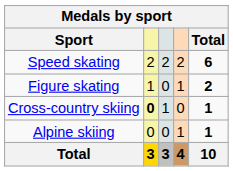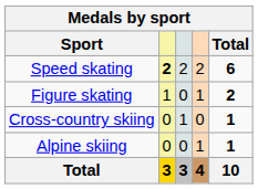 <table class=wikitable style=font-size:85%;float:right;text-align:center>
 <tr>
 <th colspan=5>Medals by sport</th>
 </tr>
 <tr>
 <th>Sport</th>
 <td bgcolor=F7F6A8></td>
 <td bgcolor=DCE5E5></td>
 <td bgcolor=FFDAB9></td>
 <th>Total</th>
 </tr>
 <tr>
 <td><a href='#'>Speed skating</a></td>
-<td bgcolor=F7F6A8>2</td>
+<td bgcolor=F7F6A8><strong>2</strong></td>
 <td bgcolor=DCE5E5>2</td>
 <td bgcolor=FFDAB9>2</td>
 <td><strong>6</strong></td>
 </tr>
 <tr>
 <td><a href='#'>Figure skating</a></td>
 <td bgcolor=F7F6A8>1</td>
 <td bgcolor=DCE5E5>0</td>
 <td bgcolor=FFDAB9>1</td>
 <td><strong>2</strong></td>
 </tr>
 <tr>
 <td><a href='#'>Cross-country skiing</a></td>
-<td bgcolor=F7F6A8><strong>0</strong></td>
+<td bgcolor=F7F6A8>0</td>
 <td bgcolor=DCE5E5>1</td>
 <td bgcolor=FFDAB9>0</td>
 <td><strong>1</strong></td>
 </tr>
 <tr>
 <td><a href='#'>Alpine skiing</a></td>
 <td bgcolor=F7F6A8>0</td>
 <td bgcolor=DCE5E5>0</td>
 <td bgcolor=FFDAB9>1</td>
 <td><strong>1</strong></td>
 </tr>
 <tr>
 <th><strong>Total</strong></th>
 <th style=background:gold><strong>3</strong></th>
 <th style=background:silver><strong>3</strong></th>
 <th style=background:#c96><strong>4</strong></th>
 <th><strong>10</strong></th>
 </tr>
 </table>
